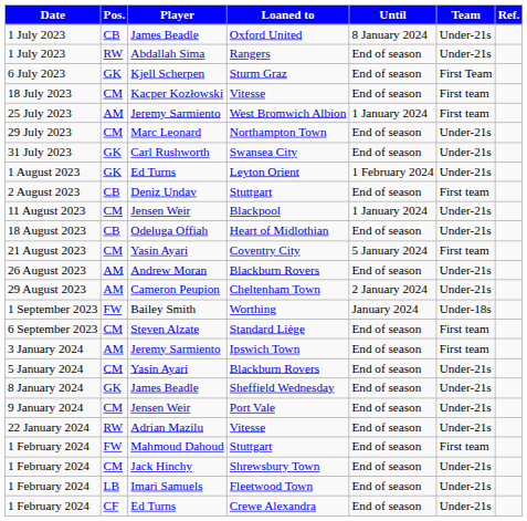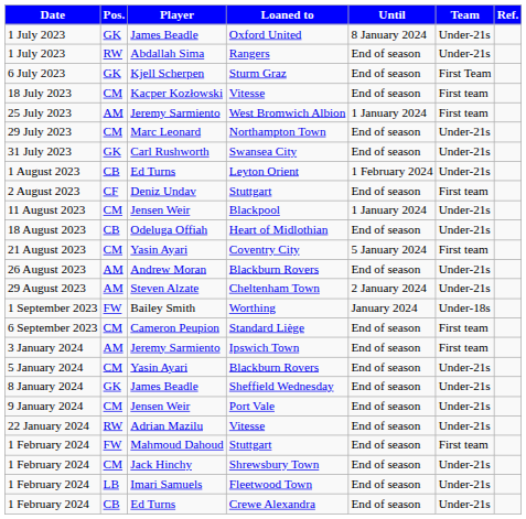 <table class="wikitable plainrowheaders sortable">
 <tr>
 <th style="background:#0000FF; color:#ffffff;">Date</th>
 <th style="background:#0000FF; color:#ffffff;">Pos.</th>
 <th style="background:#0000FF; color:#ffffff;">Player</th>
 <th style="background:#0000FF; color:#ffffff;">Loaned to</th>
 <th style="background:#0000FF; color:#ffffff;">Until</th>
 <th style="background:#0000FF; color:#FFFFFF; ">Team</th>
 <th style="background:#0000FF; color:#ffffff;">Ref.</th>
 </tr>
 <tr>
 <td>1 July 2023</td>
-<td><a href='#'>CB</a></td>
+<td><a href='#'>GK</a></td>
 <td> <a href='#'>James Beadle</a></td>
 <td> <a href='#'>Oxford United</a></td>
 <td>8 January 2024</td>
 <td>Under-21s</td>
 <td></td>
 </tr>
 <tr>
 <td>1 July 2023</td>
 <td><a href='#'>RW</a></td>
 <td> <a href='#'>Abdallah Sima</a></td>
 <td> <a href='#'>Rangers</a></td>
 <td>End of season</td>
 <td>Under-21s</td>
 <td></td>
 </tr>
 <tr>
 <td>6 July 2023</td>
 <td><a href='#'>GK</a></td>
 <td> <a href='#'>Kjell Scherpen</a></td>
 <td> <a href='#'>Sturm Graz</a></td>
 <td>End of season</td>
 <td>First Team</td>
 <td></td>
 </tr>
 <tr>
 <td>18 July 2023</td>
 <td><a href='#'>CM</a></td>
 <td> <a href='#'>Kacper Kozłowski</a></td>
 <td> <a href='#'>Vitesse</a></td>
 <td>End of season</td>
 <td>First team</td>
 <td></td>
 </tr>
 <tr>
 <td>25 July 2023</td>
 <td><a href='#'>AM</a></td>
 <td> <a href='#'>Jeremy Sarmiento</a></td>
 <td> <a href='#'>West Bromwich Albion</a></td>
 <td>1 January 2024</td>
 <td>First team</td>
 <td></td>
 </tr>
 <tr>
 <td>29 July 2023</td>
 <td><a href='#'>CM</a></td>
 <td> <a href='#'>Marc Leonard</a></td>
 <td> <a href='#'>Northampton Town</a></td>
 <td>End of season</td>
 <td>Under-21s</td>
 <td></td>
 </tr>
 <tr>
 <td>31 July 2023</td>
 <td><a href='#'>GK</a></td>
 <td> <a href='#'>Carl Rushworth</a></td>
 <td> <a href='#'>Swansea City</a></td>
 <td>End of season</td>
 <td>Under-21s</td>
 <td></td>
 </tr>
 <tr>
 <td>1 August 2023</td>
-<td><a href='#'>GK</a></td>
+<td><a href='#'>CB</a></td>
 <td> <a href='#'>Ed Turns</a></td>
 <td> <a href='#'>Leyton Orient</a></td>
 <td>1 February 2024</td>
 <td>Under-21s</td>
 <td></td>
 </tr>
 <tr>
 <td>2 August 2023</td>
-<td><a href='#'>CB</a></td>
+<td><a href='#'>CF</a></td>
 <td> <a href='#'>Deniz Undav</a></td>
 <td> <a href='#'>Stuttgart</a></td>
 <td>End of season</td>
 <td>First team</td>
 <td></td>
 </tr>
 <tr>
 <td>11 August 2023</td>
 <td><a href='#'>CM</a></td>
 <td> <a href='#'>Jensen Weir</a></td>
 <td> <a href='#'>Blackpool</a></td>
 <td>1 January 2024</td>
 <td>Under-21s</td>
 <td></td>
 </tr>
 <tr>
 <td>18 August 2023</td>
 <td><a href='#'>CB</a></td>
 <td> <a href='#'>Odeluga Offiah</a></td>
 <td> <a href='#'>Heart of Midlothian</a></td>
 <td>End of season</td>
 <td>Under-21s</td>
 <td></td>
 </tr>
 <tr>
 <td>21 August 2023</td>
 <td><a href='#'>CM</a></td>
 <td> <a href='#'>Yasin Ayari</a></td>
 <td> <a href='#'>Coventry City</a></td>
 <td>5 January 2024</td>
 <td>First team</td>
 <td></td>
 </tr>
 <tr>
 <td>26 August 2023</td>
 <td><a href='#'>AM</a></td>
 <td> <a href='#'>Andrew Moran</a></td>
 <td> <a href='#'>Blackburn Rovers</a></td>
 <td>End of season</td>
 <td>Under-21s</td>
 <td></td>
 </tr>
 <tr>
 <td>29 August 2023</td>
 <td><a href='#'>AM</a></td>
-<td> <a href='#'>Cameron Peupion</a></td>
+<td> <a href='#'>Steven Alzate</a></td>
 <td> <a href='#'>Cheltenham Town</a></td>
 <td>2 January 2024</td>
 <td>Under-21s</td>
 <td></td>
 </tr>
 <tr>
 <td>1 September 2023</td>
 <td><a href='#'>FW</a></td>
 <td> Bailey Smith</td>
 <td> <a href='#'>Worthing</a></td>
 <td>January 2024</td>
 <td>Under-18s</td>
 <td></td>
 </tr>
 <tr>
 <td>6 September 2023</td>
 <td><a href='#'>CM</a></td>
-<td> <a href='#'>Steven Alzate</a></td>
+<td> <a href='#'>Cameron Peupion</a></td>
 <td> <a href='#'>Standard Liège</a></td>
 <td>End of season</td>
 <td>First team</td>
 <td></td>
 </tr>
 <tr>
 <td>3 January 2024</td>
 <td><a href='#'>AM</a></td>
 <td> <a href='#'>Jeremy Sarmiento</a></td>
 <td> <a href='#'>Ipswich Town</a></td>
 <td>End of season</td>
 <td>First team</td>
 <td></td>
 </tr>
 <tr>
 <td>5 January 2024</td>
 <td><a href='#'>CM</a></td>
 <td> <a href='#'>Yasin Ayari</a></td>
 <td> <a href='#'>Blackburn Rovers</a></td>
 <td>End of season</td>
 <td>Under-21s</td>
 <td></td>
 </tr>
 <tr>
 <td>8 January 2024</td>
 <td><a href='#'>GK</a></td>
 <td> <a href='#'>James Beadle</a></td>
 <td> <a href='#'>Sheffield Wednesday</a></td>
 <td>End of season</td>
 <td>Under-21s</td>
 <td></td>
 </tr>
 <tr>
 <td>9 January 2024</td>
 <td><a href='#'>CM</a></td>
 <td> <a href='#'>Jensen Weir</a></td>
 <td> <a href='#'>Port Vale</a></td>
 <td>End of season</td>
 <td>Under-21s</td>
 <td></td>
 </tr>
 <tr>
 <td>22 January 2024</td>
 <td><a href='#'>RW</a></td>
 <td> <a href='#'>Adrian Mazilu</a></td>
 <td> <a href='#'>Vitesse</a></td>
 <td>End of season</td>
 <td>Under-21s</td>
 <td></td>
 </tr>
 <tr>
 <td>1 February 2024</td>
 <td><a href='#'>FW</a></td>
 <td> <a href='#'>Mahmoud Dahoud</a></td>
 <td> <a href='#'>Stuttgart</a></td>
 <td>End of season</td>
 <td>First team</td>
 <td></td>
 </tr>
 <tr>
 <td>1 February 2024</td>
 <td><a href='#'>CM</a></td>
 <td> <a href='#'>Jack Hinchy</a></td>
 <td> <a href='#'>Shrewsbury Town</a></td>
 <td>End of season</td>
 <td>Under-21s</td>
 <td></td>
 </tr>
 <tr>
 <td>1 February 2024</td>
 <td><a href='#'>LB</a></td>
 <td> <a href='#'>Imari Samuels</a></td>
 <td> <a href='#'>Fleetwood Town</a></td>
 <td>End of season</td>
 <td>Under-21s</td>
 <td></td>
 </tr>
 <tr>
 <td>1 February 2024</td>
-<td><a href='#'>CF</a></td>
+<td><a href='#'>CB</a></td>
 <td> <a href='#'>Ed Turns</a></td>
 <td> <a href='#'>Crewe Alexandra</a></td>
 <td>End of season</td>
 <td>Under-21s</td>
 <td></td>
 </tr>
 </table>
